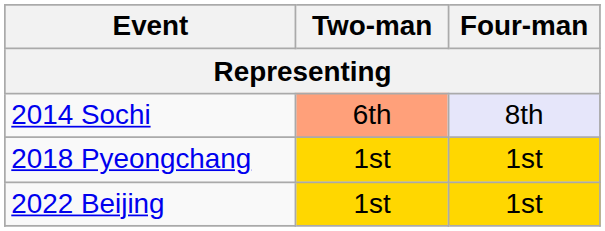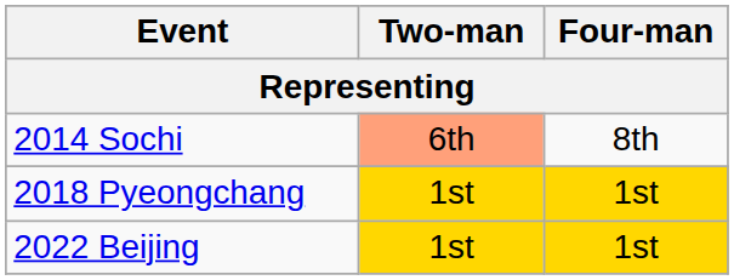 <table class="wikitable" style="text-align:center">
 <tr>
 <th style="width:160px">Event</th>
 <th style="width:80px">Two-man</th>
 <th style="width:80px">Four-man</th>
 </tr>
 <tr>
 <th colspan=3>Representing </th>
 </tr>
 <tr>
 <td style="text-align:left"> <a href='#'>2014 Sochi</a></td>
 <td style="background: lightsalmon;">6th</td>
-<td style="background: lavender;">8th</td>
+<td>8th</td>
 </tr>
 <tr>
 <td style="text-align:left"> <a href='#'>2018 Pyeongchang</a></td>
 <td style="background:gold">1st</td>
 <td style="background:gold">1st</td>
 </tr>
 <tr>
 <td style="text-align:left"> <a href='#'>2022 Beijing</a></td>
 <td style="background:gold">1st</td>
 <td style="background:gold">1st</td>
 </tr>
 </table>
